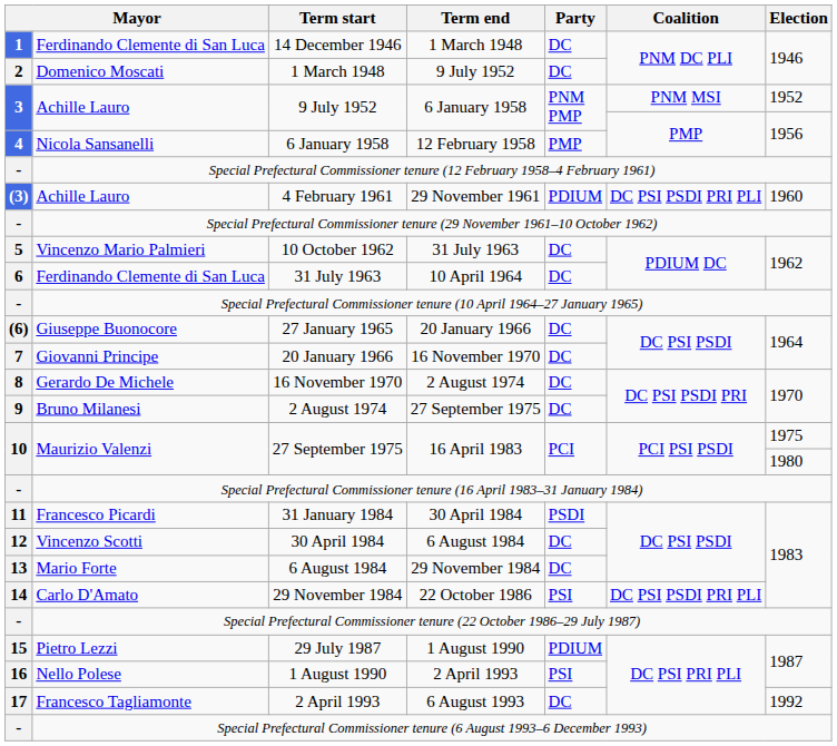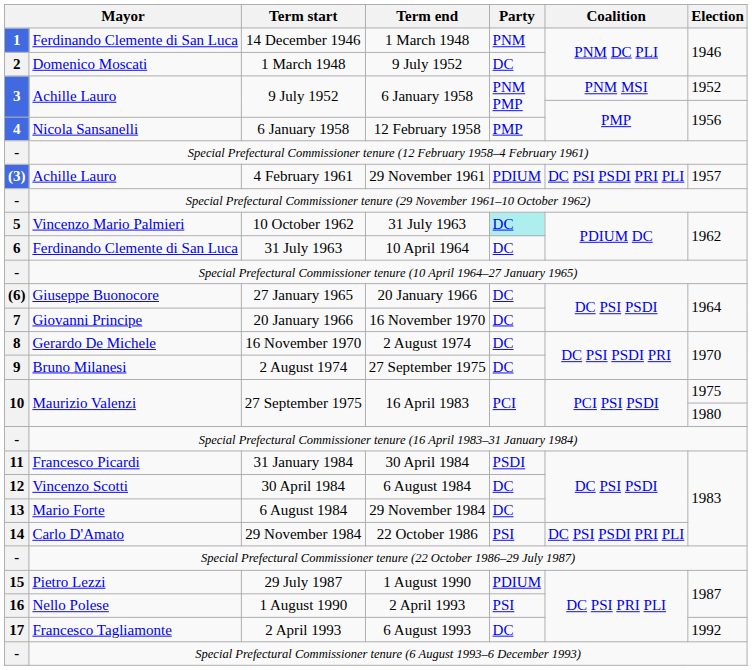 <table class="wikitable">
 <tr>
 <th colspan="2" class="unsortable">Mayor</th>
 <th>Term start</th>
 <th>Term end</th>
 <th>Party</th>
 <th>Coalition</th>
 <th>Election</th>
 </tr>
 <tr>
 <th style="background:#4169E1; color:white">1</th>
 <td><a href='#'>Ferdinando Clemente di San Luca</a></td>
 <td align=center>14 December 1946</td>
 <td align=center>1 March 1948</td>
-<td><a href='#'>DC</a></td>
+<td><a href='#'>PNM</a></td>
 <td rowspan="2" align=center><a href='#'>PNM</a>  <a href='#'>DC</a>  <a href='#'>PLI</a></td>
 <td rowspan="2">1946</td>
 </tr>
 <tr>
 <th style="background:">2</th>
 <td><a href='#'>Domenico Moscati</a></td>
 <td align=center>1 March 1948</td>
 <td align=center>9 July 1952</td>
 <td><a href='#'>DC</a></td>
 </tr>
 <tr>
 <th rowspan="2" style="background:#4169E1; color:white">3</th>
 <td rowspan="2"><a href='#'>Achille Lauro</a></td>
 <td rowspan="2" align=center>9 July 1952</td>
 <td rowspan="2" align=center>6 January 1958</td>
 <td rowspan="2"><a href='#'>PNM</a><br><a href='#'>PMP</a></td>
 <td align=center><a href='#'>PNM</a>  <a href='#'>MSI</a></td>
 <td>1952</td>
 </tr>
 <tr>
 <td rowspan="2" align=center><a href='#'>PMP</a></td>
 <td rowspan="2">1956</td>
 </tr>
 <tr>
 <th style="background:#4169E1; color:white">4</th>
 <td><a href='#'>Nicola Sansanelli</a></td>
 <td align=center>6 January 1958</td>
 <td align=center>12 February 1958</td>
 <td><a href='#'>PMP</a></td>
 </tr>
 <tr>
 <th style="background:; color:black">-</th>
 <td colspan="6" style="text-align: center;"><small><em>Special Prefectural Commissioner tenure (12 February 1958–4 February 1961)</em></small></td>
 </tr>
 <tr>
 <th style="background:#4169E1; color:white">(3)</th>
 <td><a href='#'>Achille Lauro</a></td>
 <td align=center>4 February 1961</td>
 <td align=center>29 November 1961</td>
 <td><a href='#'>PDIUM</a></td>
 <td align=center><a href='#'>DC</a>  <a href='#'>PSI</a>  <a href='#'>PSDI</a>  <a href='#'>PRI</a>  <a href='#'>PLI</a></td>
-<td>1960</td>
+<td>1957</td>
 </tr>
 <tr>
 <th style="background:; color:black">-</th>
 <td colspan="6" style="text-align: center;"><small><em>Special Prefectural Commissioner tenure (29 November 1961–10 October 1962)</em></small></td>
 </tr>
 <tr>
 <th style="background:">5</th>
 <td><a href='#'>Vincenzo Mario Palmieri</a></td>
 <td align=center>10 October 1962</td>
 <td align=center>31 July 1963</td>
-<td><a href='#'>DC</a></td>
+<td style="background: paleturquoise;"><a href='#'>DC</a></td>
 <td rowspan="2" align=center><a href='#'>PDIUM</a>  <a href='#'>DC</a></td>
 <td rowspan="2">1962</td>
 </tr>
 <tr>
 <th style="background:">6</th>
 <td><a href='#'>Ferdinando Clemente di San Luca</a></td>
 <td align=center>31 July 1963</td>
 <td align=center>10 April 1964</td>
 <td><a href='#'>DC</a></td>
 </tr>
 <tr>
 <th style="background:; color:black">-</th>
 <td colspan="6" style="text-align: center;"><small><em>Special Prefectural Commissioner tenure (10 April 1964–27 January 1965)</em></small></td>
 </tr>
 <tr>
 <th style="background:">(6)</th>
 <td><a href='#'>Giuseppe Buonocore</a></td>
 <td align=center>27 January 1965</td>
 <td align=center>20 January 1966</td>
 <td><a href='#'>DC</a></td>
 <td rowspan="2" align=center><a href='#'>DC</a>  <a href='#'>PSI</a>  <a href='#'>PSDI</a></td>
 <td rowspan="2">1964</td>
 </tr>
 <tr>
 <th style="background:">7</th>
 <td><a href='#'>Giovanni Principe</a></td>
 <td align=center>20 January 1966</td>
 <td align=center>16 November 1970</td>
 <td><a href='#'>DC</a></td>
 </tr>
 <tr>
 <th style="background:">8</th>
 <td><a href='#'>Gerardo De Michele</a></td>
 <td align=center>16 November 1970</td>
 <td align=center>2 August 1974</td>
 <td><a href='#'>DC</a></td>
 <td rowspan="2" align=center><a href='#'>DC</a>  <a href='#'>PSI</a>  <a href='#'>PSDI</a>  <a href='#'>PRI</a></td>
 <td rowspan="2">1970</td>
 </tr>
 <tr>
 <th style="background:">9</th>
 <td><a href='#'>Bruno Milanesi</a></td>
 <td align=center>2 August 1974</td>
 <td align=center>27 September 1975</td>
 <td><a href='#'>DC</a></td>
 </tr>
 <tr>
 <th rowspan="2" style="background:">10</th>
 <td rowspan="2"><a href='#'>Maurizio Valenzi</a></td>
 <td rowspan="2" align=center>27 September 1975</td>
 <td rowspan="2" align=center>16 April 1983</td>
 <td rowspan="2"><a href='#'>PCI</a></td>
 <td rowspan="2" align=center><a href='#'>PCI</a>  <a href='#'>PSI</a>  <a href='#'>PSDI</a></td>
 <td>1975</td>
 </tr>
 <tr>
 <td>1980</td>
 </tr>
 <tr>
 <th style="background:; color:black">-</th>
 <td colspan="6" style="text-align: center;"><small><em>Special Prefectural Commissioner tenure (16 April 1983–31 January 1984)</em></small></td>
 </tr>
 <tr>
 <th style="background:">11</th>
 <td><a href='#'>Francesco Picardi</a></td>
 <td align=center>31 January 1984</td>
 <td align=center>30 April 1984</td>
 <td><a href='#'>PSDI</a></td>
 <td rowspan="3" align=center><a href='#'>DC</a>  <a href='#'>PSI</a>  <a href='#'>PSDI</a></td>
 <td rowspan="4">1983</td>
 </tr>
 <tr>
 <th style="background:">12</th>
 <td><a href='#'>Vincenzo Scotti</a></td>
 <td align=center>30 April 1984</td>
 <td align=center>6 August 1984</td>
 <td><a href='#'>DC</a></td>
 </tr>
 <tr>
 <th style="background:">13</th>
 <td><a href='#'>Mario Forte</a></td>
 <td align=center>6 August 1984</td>
 <td align=center>29 November 1984</td>
 <td><a href='#'>DC</a></td>
 </tr>
 <tr>
 <th style="background:">14</th>
 <td><a href='#'>Carlo D'Amato</a></td>
 <td align=center>29 November 1984</td>
 <td align=center>22 October 1986</td>
 <td><a href='#'>PSI</a></td>
 <td align=center><a href='#'>DC</a>  <a href='#'>PSI</a>  <a href='#'>PSDI</a>  <a href='#'>PRI</a>  <a href='#'>PLI</a></td>
 </tr>
 <tr>
 <th style="background:; color:black">-</th>
 <td colspan="6" style="text-align: center;"><small><em>Special Prefectural Commissioner tenure (22 October 1986–29 July 1987)</em></small></td>
 </tr>
 <tr>
 <th style="background:">15</th>
 <td><a href='#'>Pietro Lezzi</a></td>
 <td align=center>29 July 1987</td>
 <td align=center>1 August 1990</td>
 <td><a href='#'>PDIUM</a></td>
 <td rowspan="3" align=center><a href='#'>DC</a>  <a href='#'>PSI</a>  <a href='#'>PRI</a>  <a href='#'>PLI</a></td>
 <td rowspan="2">1987</td>
 </tr>
 <tr>
 <th style="background:">16</th>
 <td><a href='#'>Nello Polese</a></td>
 <td align=center>1 August 1990</td>
 <td align=center>2 April 1993</td>
 <td><a href='#'>PSI</a></td>
 </tr>
 <tr>
 <th style="background:">17</th>
 <td><a href='#'>Francesco Tagliamonte</a></td>
 <td align=center>2 April 1993</td>
 <td align=center>6 August 1993</td>
 <td><a href='#'>DC</a></td>
 <td>1992</td>
 </tr>
 <tr>
 <th style="background:; color:black">-</th>
 <td colspan="6" style="text-align: center;"><small><em>Special Prefectural Commissioner tenure (6 August 1993–6 December 1993)</em></small></td>
 </tr>
 </table>
